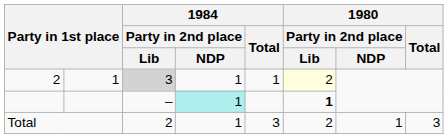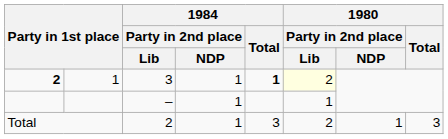 <table class="wikitable" style="text-align:right;">
 <tr>
 <th rowspan="3" colspan="2" style="text-align:left;">Party in 1st place</th>
 <th colspan="3">1984</th>
 <th colspan="3">1980</th>
 </tr>
 <tr>
 <th colspan="2">Party in 2nd place</th>
 <th rowspan="2">Total</th>
 <th colspan="2">Party in 2nd place</th>
 <th rowspan="2">Total</th>
 </tr>
 <tr>
 <th>Lib</th>
 <th>NDP</th>
 <th>Lib</th>
 <th>NDP</th>
 </tr>
 <tr>
-<td>2</td>
+<td><strong>2</strong></td>
 <td>1</td>
-<td style="background: lightgrey;">3</td>
+<td>3</td>
 <td>1</td>
-<td>1</td>
+<td><strong>1</strong></td>
 <td style="background: lightyellow;">2</td>
 </tr>
 <tr>
 <td></td>
 <td></td>
 <td>–</td>
-<td style="background: paleturquoise;">1</td>
+<td>1</td>
 <td></td>
-<td><strong>1</strong></td>
+<td>1</td>
 </tr>
 <tr>
 <td colspan="2" style="text-align:left;">Total</td>
 <td>2</td>
 <td>1</td>
 <td>3</td>
 <td>2</td>
 <td>1</td>
 <td>3</td>
 </tr>
 </table>
